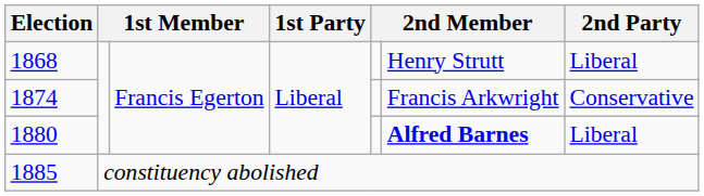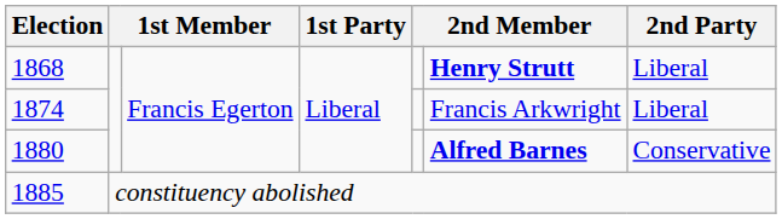 <table class="wikitable">
 <tr>
 <th>Election</th>
 <th colspan="2">1st Member</th>
 <th>1st Party</th>
 <th colspan="2">2nd Member</th>
 <th>2nd Party</th>
 </tr>
 <tr>
 <td><a href='#'>1868</a></td>
 <td rowspan="3" style="color:inherit;background-color: "></td>
 <td rowspan="3"><a href='#'>Francis Egerton</a></td>
 <td rowspan="3"><a href='#'>Liberal</a></td>
 <td style="color:inherit;background-color: "></td>
-<td><a href='#'>Henry Strutt</a></td>
+<td><strong><a href='#'>Henry Strutt</a></strong></td>
 <td><a href='#'>Liberal</a></td>
 </tr>
 <tr>
 <td><a href='#'>1874</a></td>
 <td style="color:inherit;background-color: "></td>
 <td><a href='#'>Francis Arkwright</a></td>
-<td><a href='#'>Conservative</a></td>
+<td><a href='#'>Liberal</a></td>
 </tr>
 <tr>
 <td><a href='#'>1880</a></td>
 <td style="color:inherit;background-color: "></td>
 <td><strong><a href='#'>Alfred Barnes</a></strong></td>
-<td><a href='#'>Liberal</a></td>
+<td><a href='#'>Conservative</a></td>
 </tr>
 <tr>
 <td><a href='#'>1885</a></td>
 <td colspan="6"><em>constituency abolished</em></td>
 </tr>
 </table>
